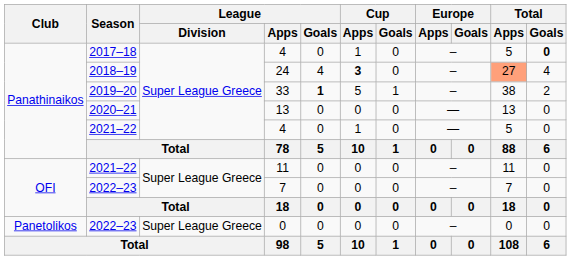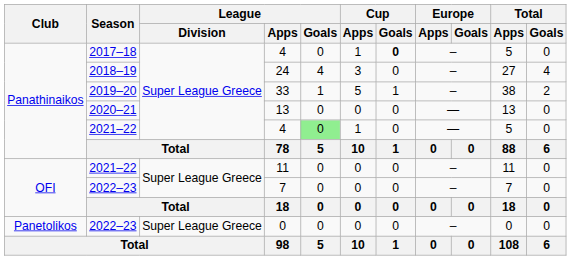 <table class="wikitable" style="text-align:center">
 <tr>
 <th rowspan="2">Club</th>
 <th rowspan="2">Season</th>
 <th colspan="3">League</th>
 <th colspan="2">Cup</th>
 <th colspan="2">Europe</th>
 <th colspan="2">Total</th>
 </tr>
 <tr>
 <th>Division</th>
 <th>Apps</th>
 <th>Goals</th>
 <th>Apps</th>
 <th>Goals</th>
 <th>Apps</th>
 <th>Goals</th>
 <th>Apps</th>
 <th>Goals</th>
 </tr>
 <tr>
 <td rowspan="6"><a href='#'>Panathinaikos</a></td>
 <td><a href='#'>2017–18</a></td>
 <td rowspan="5"><a href='#'>Super League Greece</a></td>
 <td>4</td>
 <td>0</td>
 <td>1</td>
-<td>0</td>
+<td><strong>0</strong></td>
 <td colspan="2">–</td>
 <td>5</td>
-<td><strong>0</strong></td>
+<td>0</td>
 </tr>
 <tr>
 <td><a href='#'>2018–19</a></td>
 <td>24</td>
 <td>4</td>
-<td><strong>3</strong></td>
+<td>3</td>
 <td>0</td>
 <td colspan="2">–</td>
-<td style="background: lightsalmon;">27</td>
+<td>27</td>
 <td>4</td>
 </tr>
 <tr>
 <td><a href='#'>2019–20</a></td>
 <td>33</td>
-<td><strong>1</strong></td>
+<td>1</td>
 <td>5</td>
 <td>1</td>
 <td colspan="2">–</td>
 <td>38</td>
 <td>2</td>
 </tr>
 <tr>
 <td><a href='#'>2020–21</a></td>
 <td>13</td>
 <td>0</td>
 <td>0</td>
 <td>0</td>
 <td colspan="2">—</td>
 <td>13</td>
 <td>0</td>
 </tr>
 <tr>
 <td><a href='#'>2021–22</a></td>
 <td>4</td>
-<td>0</td>
+<td style="background: lightgreen;">0</td>
 <td>1</td>
 <td>0</td>
 <td colspan="2">—</td>
 <td>5</td>
 <td>0</td>
 </tr>
 <tr>
 <th colspan="2">Total</th>
 <th>78</th>
 <th>5</th>
 <th>10</th>
 <th>1</th>
 <th>0</th>
 <th>0</th>
 <th>88</th>
 <th>6</th>
 </tr>
 <tr>
 <td rowspan="3"><a href='#'>OFI</a></td>
 <td><a href='#'>2021–22</a></td>
 <td rowspan="2">Super League Greece</td>
 <td>11</td>
 <td>0</td>
 <td>0</td>
 <td>0</td>
 <td colspan="2">–</td>
 <td>11</td>
 <td>0</td>
 </tr>
 <tr>
 <td><a href='#'>2022–23</a></td>
 <td>7</td>
 <td>0</td>
 <td>0</td>
 <td>0</td>
 <td colspan="2">–</td>
 <td>7</td>
 <td>0</td>
 </tr>
 <tr>
 <th colspan="2">Total</th>
 <th>18</th>
 <th>0</th>
 <th>0</th>
 <th>0</th>
 <th>0</th>
 <th>0</th>
 <th>18</th>
 <th>0</th>
 </tr>
 <tr>
 <td><a href='#'>Panetolikos</a></td>
 <td><a href='#'>2022–23</a></td>
 <td>Super League Greece</td>
 <td>0</td>
 <td>0</td>
 <td>0</td>
 <td>0</td>
 <td colspan="2">–</td>
 <td>0</td>
 <td>0</td>
 </tr>
 <tr>
 <th colspan="3">Total</th>
 <th>98</th>
 <th>5</th>
 <th>10</th>
 <th>1</th>
 <th>0</th>
 <th>0</th>
 <th>108</th>
 <th>6</th>
 </tr>
 </table>
